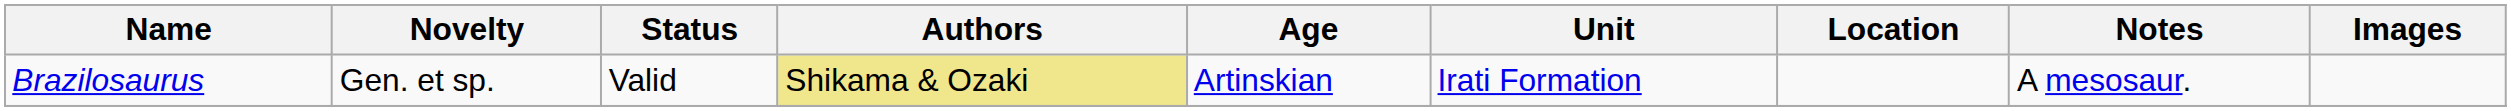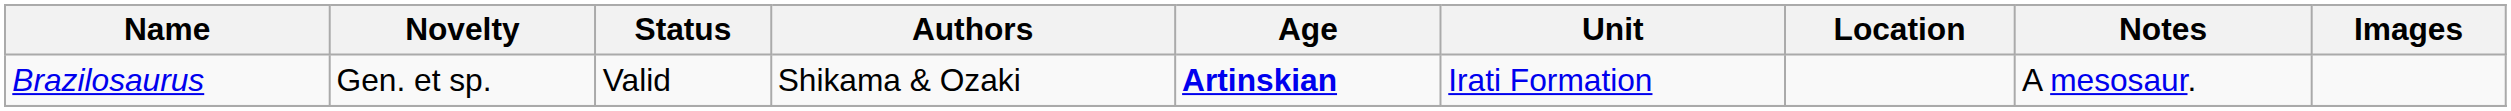 <table class="wikitable sortable" align="center" width="100%">
 <tr>
 <th>Name</th>
 <th>Novelty</th>
 <th>Status</th>
 <th>Authors</th>
 <th>Age</th>
 <th>Unit</th>
 <th>Location</th>
 <th>Notes</th>
 <th>Images</th>
 </tr>
 <tr>
 <td><em><a href='#'>Brazilosaurus</a></em></td>
 <td>Gen. et sp.</td>
 <td>Valid</td>
-<td style="background: khaki;">Shikama & Ozaki</td>
-<td><a href='#'>Artinskian</a></td>
+<td>Shikama & Ozaki</td>
+<td><strong><a href='#'>Artinskian</a></strong></td>
 <td><a href='#'>Irati Formation</a></td>
 <td></td>
 <td>A <a href='#'>mesosaur</a>.</td>
 <td></td>
 </tr>
 <tr>
 </tr>
 </table>
